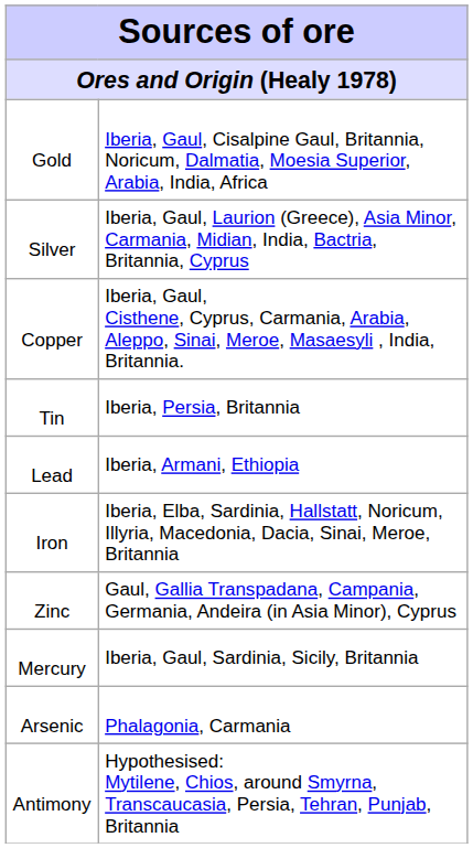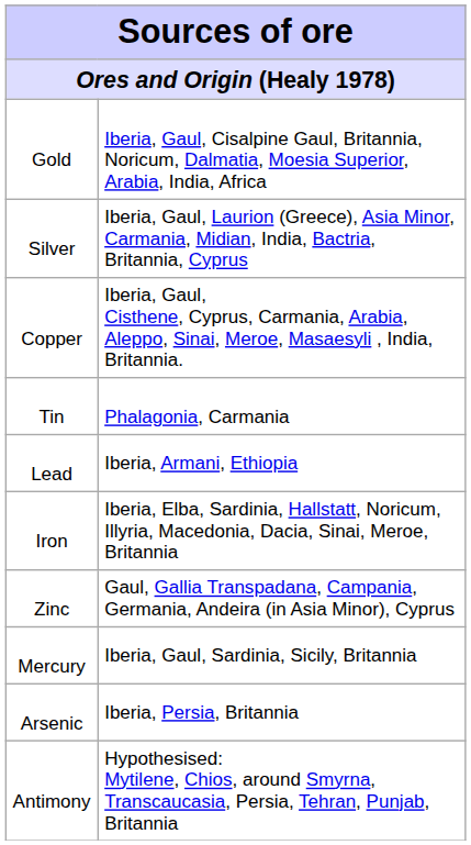 <table border=1 align=right cellpadding=4 cellspacing=0 width=300 style="margin: 0.5em 0 1em 1em; background: #ffffff; border: 1px #aaaaaa solid; border-collapse: collapse; font-size: 95%;">
 <tr>
 <th style="background:#ccf;" colspan=2 align=center><big><big> Sources of ore </big></big></th>
 </tr>
 <tr>
 <th style="background:#ddf;" colspan=2 align=center><em>Ores and Origin</em> (Healy 1978)</th>
 </tr>
 <tr>
 <td style="font-size: 80%;" align=center><br>Gold</td>
 <td style="font-size: 80%;"><br><a href='#'>Iberia</a>, <a href='#'>Gaul</a>, Cisalpine Gaul, Britannia, Noricum, <a href='#'>Dalmatia</a>, <a href='#'>Moesia Superior</a>, <a href='#'>Arabia</a>, India, Africa</td>
 </tr>
 <tr>
 <td style="font-size: 80%;" align=center><br>Silver</td>
 <td style="font-size: 80%;">Iberia, Gaul, <a href='#'>Laurion</a> (Greece), <a href='#'>Asia Minor</a>, <a href='#'>Carmania</a>, <a href='#'>Midian</a>, India, <a href='#'>Bactria</a>, Britannia, <a href='#'>Cyprus</a></td>
 </tr>
 <tr>
 <td style="font-size: 80%;" align=center><br>Copper</td>
 <td style="font-size: 80%;">Iberia, Gaul,<br><a href='#'>Cisthene</a>, Cyprus, Carmania, <a href='#'>Arabia</a>, <a href='#'>Aleppo</a>, <a href='#'>Sinai</a>, <a href='#'>Meroe</a>, <a href='#'>Masaesyli</a> , India, Britannia.</td>
 </tr>
 <tr>
 <td style="font-size: 80%;" align=center><br>Tin</td>
-<td style="font-size: 80%;">Iberia, <a href='#'>Persia</a>, Britannia</td>
+<td style="font-size: 80%;"><br><a href='#'>Phalagonia</a>, Carmania</td>
 </tr>
 <tr>
 <td style="font-size: 80%;" align=center><br>Lead</td>
 <td style="font-size: 80%;">Iberia, <a href='#'>Armani</a>, <a href='#'>Ethiopia</a></td>
 </tr>
 <tr>
 <td style="font-size: 80%;" align=center><br>Iron</td>
 <td style="font-size: 80%;">Iberia, Elba, Sardinia, <a href='#'>Hallstatt</a>, Noricum, Illyria, Macedonia, Dacia, Sinai, Meroe, Britannia</td>
 </tr>
 <tr>
 <td style="font-size: 80%;" align=center><br>Zinc</td>
 <td style="font-size: 80%;">Gaul, <a href='#'>Gallia Transpadana</a>, <a href='#'>Campania</a>, Germania, Andeira (in Asia Minor), Cyprus</td>
 </tr>
 <tr>
 <td style="font-size: 80%;" align=center><br>Mercury</td>
 <td style="font-size: 80%;">Iberia, Gaul, Sardinia, Sicily, Britannia</td>
 </tr>
 <tr>
 <td style="font-size: 80%;" align=center><br>Arsenic</td>
-<td style="font-size: 80%;"><br><a href='#'>Phalagonia</a>, Carmania</td>
+<td style="font-size: 80%;">Iberia, <a href='#'>Persia</a>, Britannia</td>
 </tr>
 <tr>
 <td style="font-size: 80%;" align=center><br>Antimony</td>
 <td style="font-size: 80%;">Hypothesised:<br><a href='#'>Mytilene</a>, <a href='#'>Chios</a>, around <a href='#'>Smyrna</a>, <a href='#'>Transcaucasia</a>, Persia, <a href='#'>Tehran</a>, <a href='#'>Punjab</a>, Britannia</td>
 </tr>
 </table>
